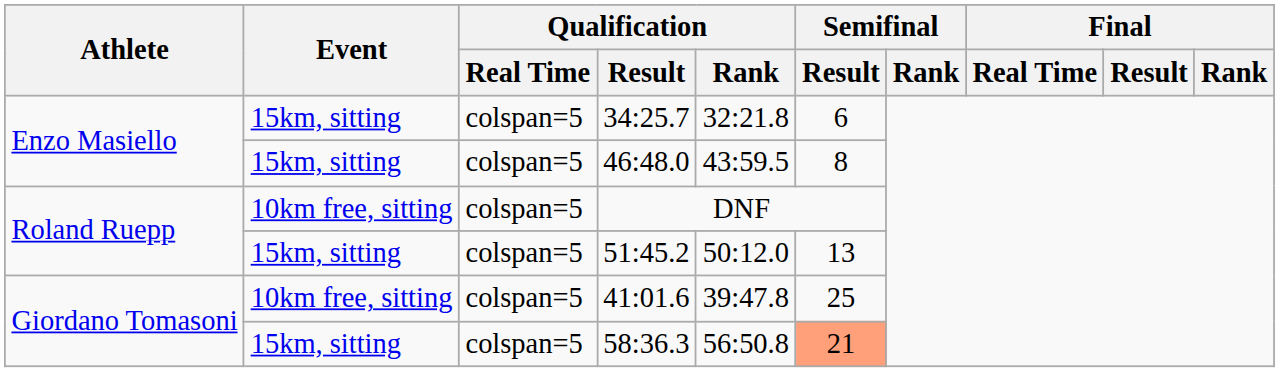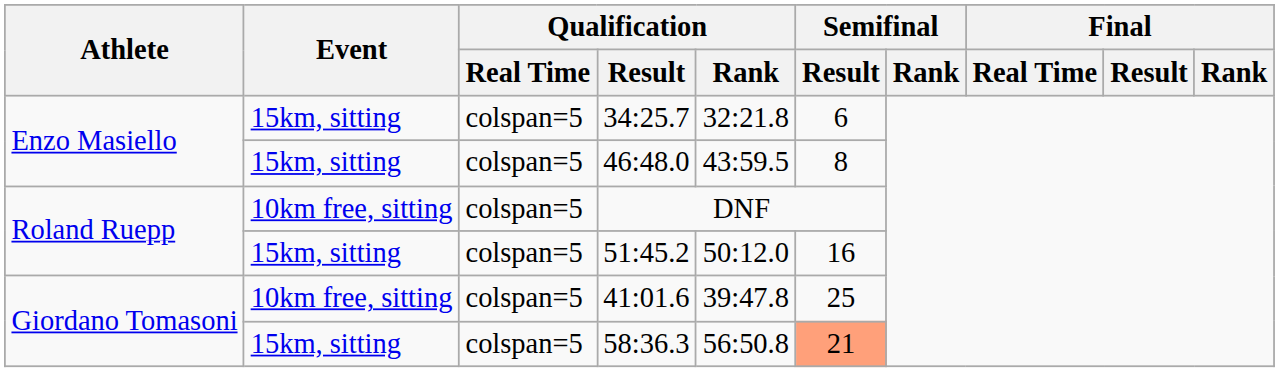 <table class="wikitable" style="font-size:100%">
 <tr>
 <th rowspan="2">Athlete</th>
 <th rowspan="2">Event</th>
 <th colspan="3">Qualification</th>
 <th colspan="2">Semifinal</th>
 <th colspan="3">Final</th>
 </tr>
 <tr>
 <th>Real Time</th>
 <th>Result</th>
 <th>Rank</th>
 <th>Result</th>
 <th>Rank</th>
 <th>Real Time</th>
 <th>Result</th>
 <th>Rank</th>
 </tr>
 <tr>
 <td rowspan=2><a href='#'>Enzo Masiello</a></td>
 <td><a href='#'>15km, sitting</a></td>
 <td>colspan=5 </td>
 <td align="center">34:25.7</td>
 <td align="center">32:21.8</td>
 <td align="center">6</td>
 </tr>
 <tr>
 <td><a href='#'>15km, sitting</a></td>
 <td>colspan=5 </td>
 <td align="center">46:48.0</td>
 <td align="center">43:59.5</td>
 <td align="center">8</td>
 </tr>
 <tr>
 <td rowspan=2><a href='#'>Roland Ruepp</a></td>
 <td><a href='#'>10km free, sitting</a></td>
 <td>colspan=5 </td>
 <td align="center" colspan=3>DNF</td>
 </tr>
 <tr>
 <td><a href='#'>15km, sitting</a></td>
 <td>colspan=5 </td>
 <td align="center">51:45.2</td>
 <td align="center">50:12.0</td>
-<td align="center">13</td>
+<td align="center">16</td>
 </tr>
 <tr>
 <td rowspan=2><a href='#'>Giordano Tomasoni</a></td>
 <td><a href='#'>10km free, sitting</a></td>
 <td>colspan=5 </td>
 <td align="center">41:01.6</td>
 <td align="center">39:47.8</td>
 <td align="center">25</td>
 </tr>
 <tr>
 <td><a href='#'>15km, sitting</a></td>
 <td>colspan=5 </td>
 <td align="center">58:36.3</td>
 <td align="center">56:50.8</td>
 <td align="center" style="background: lightsalmon;">21</td>
 </tr>
 </table>
